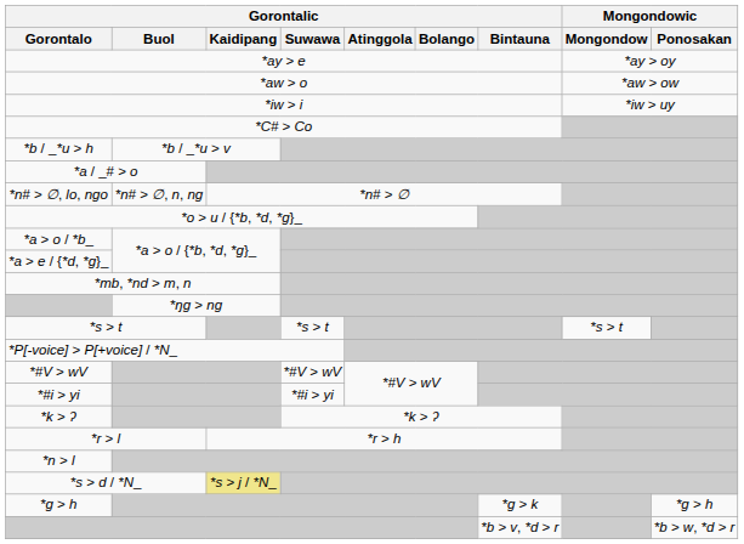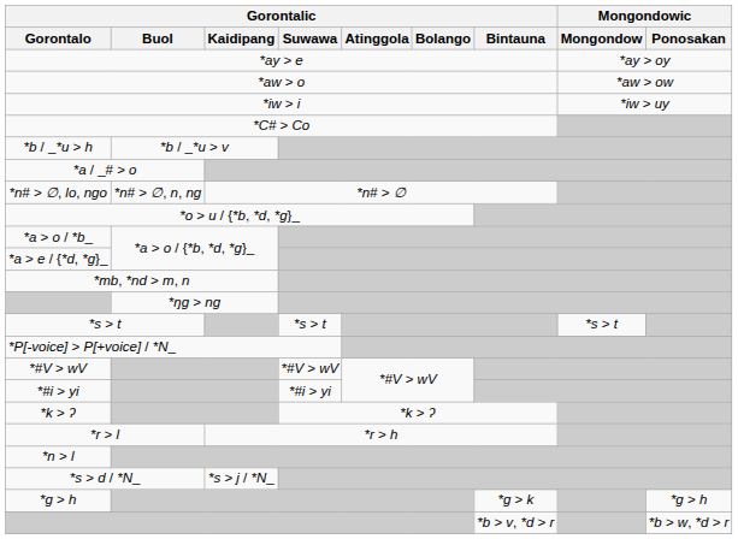 <table class="wikitable">
 <tr>
 <th colspan="7">Gorontalic</th>
 <th colspan="2">Mongondowic</th>
 </tr>
 <tr>
 <th>Gorontalo</th>
 <th>Buol</th>
 <th>Kaidipang</th>
 <th>Suwawa</th>
 <th>Atinggola</th>
 <th>Bolango</th>
 <th>Bintauna</th>
 <th>Mongondow</th>
 <th>Ponosakan</th>
 </tr>
 <tr align="center">
 <td colspan="7"><em>*ay</em> > <em>e</em></td>
 <td colspan="2"><em>*ay</em> > <em>oy</em></td>
 </tr>
 <tr align="center">
 <td colspan="7"><em>*aw</em> > <em>o</em></td>
 <td colspan="2"><em>*aw</em> > <em>ow</em></td>
 </tr>
 <tr align="center">
 <td colspan="7"><em>*iw</em> > <em>i</em></td>
 <td colspan="2"><em>*iw</em> > <em>uy</em></td>
 </tr>
 <tr align="center">
 <td colspan="7"><em>*C#</em> > <em>Co</em></td>
 <td style="background:#ccc" colspan="2"></td>
 </tr>
 <tr align="center">
 <td><em>*b</em> / _<em>*u</em> > <em>h</em></td>
 <td colspan="2"><em>*b</em> / _<em>*u</em> > <em>v</em></td>
 <td style="background:#ccc" colspan="6"></td>
 </tr>
 <tr align="center">
 <td colspan="2"><em>*a</em> / _# > <em>o</em></td>
 <td style="background:#ccc" colspan="7"></td>
 </tr>
 <tr align="center">
 <td><em>*n#</em> > <em>∅</em>, <em>lo</em>, <em>ngo</em></td>
 <td><em>*n#</em> > <em>∅</em>, <em>n</em>, <em>ng</em></td>
 <td colspan="5"><em>*n#</em> > <em>∅</em></td>
 <td style="background:#ccc" colspan="2"></td>
 </tr>
 <tr align="center">
 <td colspan="6"><em>*o</em> > <em>u</em> / {<em>*b</em>, <em>*d</em>, <em>*g</em>}_</td>
 <td style="background:#ccc" colspan="3"></td>
 </tr>
 <tr align="center">
 <td><em>*a</em> > <em>o</em> / <em>*b</em>_</td>
 <td colspan="2" rowspan="2"><em>*a</em> > <em>o</em> / {<em>*b</em>, <em>*d</em>, <em>*g</em>}_</td>
 <td style="background:#ccc" colspan="6"></td>
 </tr>
 <tr align="center">
 <td><em>*a</em> > <em>e</em> / {<em>*d</em>, <em>*g</em>}_</td>
 <td style="background:#ccc" colspan="6"></td>
 </tr>
 <tr align="center">
 <td colspan="3"><em>*mb</em>, <em>*nd</em> > <em>m</em>, <em>n</em></td>
 <td style="background:#ccc" colspan="6"></td>
 </tr>
 <tr align="center">
 <td style="background:#ccc"></td>
 <td colspan="2"><em>*ŋg</em> > <em>ng</em></td>
 <td style="background:#ccc" colspan="6"></td>
 </tr>
 <tr align="center">
 <td colspan="2"><em>*s</em> > <em>t</em></td>
 <td style="background:#ccc"></td>
 <td><em>*s</em> > <em>t</em></td>
 <td style="background:#ccc" colspan="3"></td>
 <td><em>*s</em> > <em>t</em></td>
 <td style="background:#ccc"></td>
 </tr>
 <tr>
 <td colspan="4"><em>*P[-voice]</em> > <em>P[+voice]</em> / <em>*N</em>_</td>
 <td style="background:#ccc" colspan="5"></td>
 </tr>
 <tr align="center">
 <td><em>*#V</em> > <em>wV</em></td>
 <td style="background:#ccc" colspan="2"></td>
 <td><em>*#V</em> > <em>wV</em></td>
 <td colspan="2" rowspan="2"><em>*#V</em> > <em>wV</em></td>
 <td style="background:#ccc" colspan="3"></td>
 </tr>
 <tr align="center">
 <td><em>*#i</em> > <em>yi</em></td>
 <td style="background:#ccc" colspan="2"></td>
 <td><em>*#i</em> > <em>yi</em></td>
 <td style="background:#ccc" colspan="3"></td>
 </tr>
 <tr align="center">
 <td><em>*k</em> > <em>ʔ</em></td>
 <td style="background:#ccc" colspan="2"></td>
 <td colspan="4"><em>*k</em> > <em>ʔ</em></td>
 <td style="background:#ccc" colspan="2"></td>
 </tr>
 <tr align="center">
 <td colspan="2"><em>*r</em> > <em>l</em></td>
 <td colspan="5"><em>*r</em> > <em>h</em></td>
 <td style="background:#ccc" colspan="2"></td>
 </tr>
 <tr align="center">
 <td><em>*n</em> > <em>l</em></td>
 <td style="background:#ccc" colspan="8"></td>
 </tr>
 <tr align="center">
 <td colspan="2"><em>*s</em> > <em>d</em> / <em>*N</em>_</td>
-<td style="background: khaki;"><em>*s</em> > <em>j</em> / <em>*N</em>_</td>
+<td><em>*s</em> > <em>j</em> / <em>*N</em>_</td>
 <td style="background:#ccc" colspan="6"></td>
 </tr>
 <tr align="center">
 <td><em>*g</em> > <em>h</em></td>
 <td style="background:#ccc" colspan="5"></td>
 <td><em>*g</em> > <em>k</em></td>
 <td style="background:#ccc"></td>
 <td><em>*g</em> > <em>h</em></td>
 </tr>
 <tr align="center">
 <td style="background:#ccc" colspan="6"></td>
 <td><em>*b</em> > <em>v</em>, <em>*d</em> > <em>r</em></td>
 <td style="background:#ccc"></td>
 <td><em>*b</em> > <em>w</em>, <em>*d</em> > <em>r</em></td>
 </tr>
 </table>
